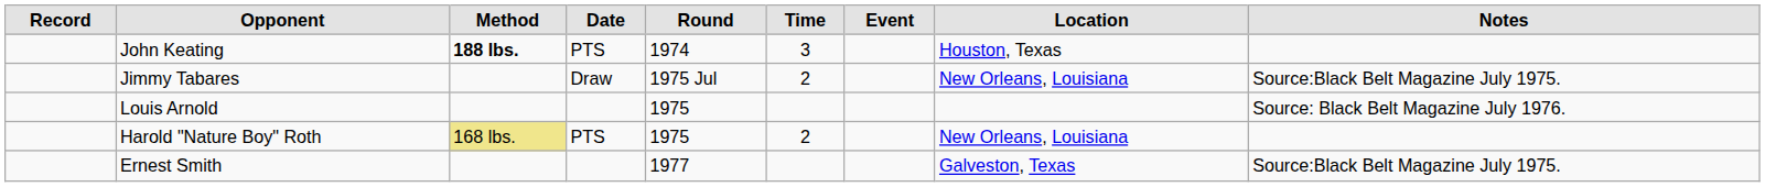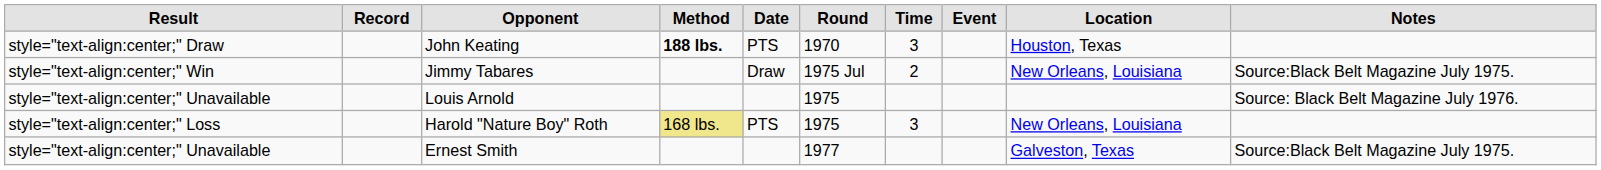 <table class="wikitable sortable" style="font-size:80%; text-align:left; width:100%;">
 <tr>
+<th style="border-style:none none solid solid; background:#e3e3e3;">Result</th>
 <th style="border-style:none none solid solid; background:#e3e3e3;">Record</th>
 <th style="border-style:none none solid solid; background:#e3e3e3;">Opponent</th>
 <th style="border-style:none none solid solid; background:#e3e3e3;">Method</th>
 <th style="border-style:none none solid solid; background:#e3e3e3;">Date</th>
 <th style="border-style:none none solid solid; background:#e3e3e3;">Round</th>
 <th style="border-style:none none solid solid; background:#e3e3e3;">Time</th>
 <th style="border-style:none none solid solid; background:#e3e3e3;">Event</th>
 <th style="border-style:none none solid solid; background:#e3e3e3;">Location</th>
 <th style="border-style:none none solid solid; background:#e3e3e3;">Notes</th>
 </tr>
 <tr>
+<td>style="text-align:center;" Draw</td>
 <td align='left'></td>
 <td align='left'>John Keating</td>
 <td align='left'><strong>188 lbs.</strong></td>
 <td align='left'>PTS</td>
-<td align='left'>1974</td>
+<td align='left'>1970</td>
 <td style="text-align:center;">3</td>
 <td style="text-align:center;"></td>
 <td align='left'><a href='#'>Houston</a>, Texas</td>
 <td></td>
 </tr>
 <tr>
+<td>style="text-align:center;" Win</td>
 <td align='left'></td>
 <td align='left'>Jimmy Tabares</td>
 <td align='left'></td>
 <td align='left'>Draw</td>
 <td align='left'>1975 Jul</td>
 <td style="text-align:center;">2</td>
 <td style="text-align:center;"></td>
 <td align='left'><a href='#'>New Orleans</a>, <a href='#'>Louisiana</a></td>
 <td>Source:Black Belt Magazine July 1975.</td>
 </tr>
 <tr>
+<td>style="text-align:center;" Unavailable</td>
 <td align='left'></td>
 <td align='left'>Louis Arnold</td>
 <td align='left'></td>
 <td align='left'></td>
 <td align='left'>1975</td>
 <td style="text-align:center;"></td>
 <td style="text-align:center;"></td>
 <td align='left'></td>
 <td>Source: Black Belt Magazine July 1976.</td>
 </tr>
 <tr>
+<td>style="text-align:center;" Loss</td>
 <td align='left'></td>
 <td align='left'>Harold "Nature Boy" Roth</td>
 <td align='left' style="background: khaki;">168 lbs.</td>
 <td align='left'>PTS</td>
 <td align='left'>1975</td>
-<td style="text-align:center;">2</td>
+<td style="text-align:center;">3</td>
 <td style="text-align:center;"></td>
 <td align='left'><a href='#'>New Orleans</a>, <a href='#'>Louisiana</a></td>
 <td></td>
 </tr>
 <tr>
+<td>style="text-align:center;" Unavailable</td>
 <td align='left'></td>
 <td align='left'>Ernest Smith</td>
 <td align='left'></td>
 <td align='left'></td>
 <td align='left'>1977</td>
 <td style="text-align:center;"></td>
 <td style="text-align:center;"></td>
 <td align='left'><a href='#'>Galveston</a>, <a href='#'>Texas</a></td>
 <td>Source:Black Belt Magazine July 1975.</td>
 </tr>
 </table>
